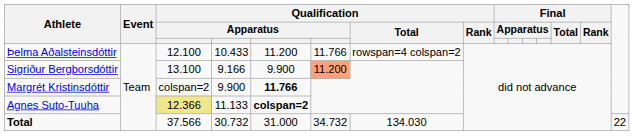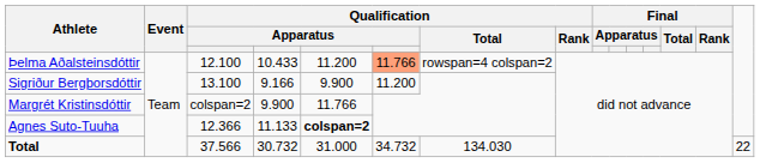 <table class="wikitable" style="font-size:90%">
 <tr>
 <th rowspan=3>Athlete</th>
 <th rowspan=3>Event</th>
 <th colspan=6>Qualification</th>
 <th colspan=6>Final</th>
 </tr>
 <tr style="font-size:95%">
 <th colspan=4>Apparatus</th>
 <th rowspan=2>Total</th>
 <th rowspan=2>Rank</th>
 <th colspan=4>Apparatus</th>
 <th rowspan=2>Total</th>
 <th rowspan=2>Rank</th>
 </tr>
 <tr style="font-size:95%">
 <th></th>
 <th></th>
 <th></th>
 <th></th>
 <th></th>
 <th></th>
 <th></th>
 <th></th>
 </tr>
 <tr align=center>
 <td align=left><a href='#'>Þelma Aðalsteinsdóttir</a></td>
 <td align=left rowspan=5>Team</td>
 <td>12.100</td>
 <td>10.433</td>
 <td>11.200</td>
-<td>11.766</td>
+<td style="background: lightsalmon;">11.766</td>
 <td>rowspan=4 colspan=2</td>
 <td colspan=7 rowspan=5>did not advance</td>
 </tr>
 <tr align=center>
 <td align=left><a href='#'>Sigriður Bergþorsdóttir</a></td>
 <td>13.100</td>
 <td>9.166</td>
 <td>9.900</td>
-<td style="background: lightsalmon;">11.200</td>
+<td>11.200</td>
 </tr>
 <tr align=center>
 <td align=left><a href='#'>Margrét Kristinsdóttir</a></td>
 <td>colspan=2</td>
 <td>9.900</td>
-<td><strong>11.766</strong></td>
+<td>11.766</td>
 </tr>
 <tr align=center>
 <td align=left><a href='#'>Agnes Suto-Tuuha</a></td>
-<td style="background: khaki;">12.366</td>
+<td>12.366</td>
 <td>11.133</td>
 <td><strong>colspan=2</strong></td>
 </tr>
 <tr align=center>
 <td align=left><strong>Total</strong></td>
 <td>37.566</td>
 <td>30.732</td>
 <td>31.000</td>
 <td>34.732</td>
 <td>134.030</td>
 <td>22</td>
 </tr>
 </table>
